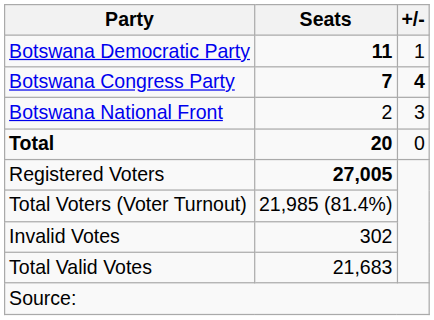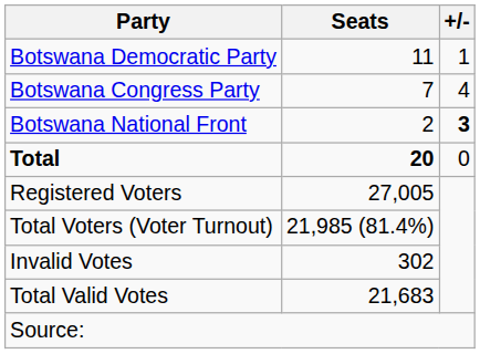 <table class=wikitable style=text-align:right>
 <tr>
 <th>Party</th>
 <th>Seats</th>
 <th>+/-</th>
 </tr>
 <tr>
 <td align=left><a href='#'>Botswana Democratic Party</a></td>
-<td><strong>11</strong></td>
+<td>11</td>
 <td>1</td>
 </tr>
 <tr>
 <td align=left><a href='#'>Botswana Congress Party</a></td>
-<td><strong>7</strong></td>
-<td><strong>4</strong></td>
+<td>7</td>
+<td>4</td>
 </tr>
 <tr>
 <td align=left><a href='#'>Botswana National Front</a></td>
 <td>2</td>
-<td>3</td>
+<td><strong>3</strong></td>
 </tr>
 <tr>
 <td align=left><strong>Total</strong></td>
 <td><strong>20</strong></td>
 <td>0</td>
 </tr>
 <tr>
 <td align=left>Registered Voters</td>
-<td><strong>27,005</strong></td>
+<td>27,005</td>
 </tr>
 <tr>
 <td align=left>Total Voters (Voter Turnout)</td>
 <td>21,985 (81.4%)</td>
 </tr>
 <tr>
 <td align=left>Invalid Votes</td>
 <td>302</td>
 </tr>
 <tr>
 <td align=left>Total Valid Votes</td>
 <td>21,683</td>
 </tr>
 <tr>
 <td colspan=4 align=left>Source: </td>
 </tr>
 </table>
